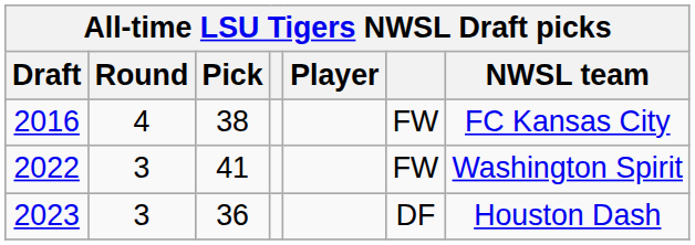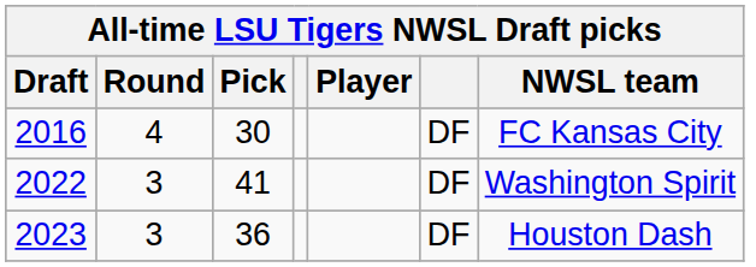 <table class="wikitable sortable" style="text-align: center;">
 <tr>
 <th colspan="7" style="background:#">All-time <a href='#'><span>LSU Tigers</span></a> NWSL Draft picks</th>
 </tr>
 <tr>
 <th scope="col">Draft</th>
 <th scope="col">Round</th>
 <th scope="col">Pick</th>
 <th scope="col"></th>
 <th scope="col">Player</th>
 <th scope="col"></th>
 <th scope="col">NWSL team</th>
 </tr>
 <tr>
 <td><a href='#'>2016</a></td>
 <td>4</td>
-<td>38</td>
+<td>30</td>
 <td></td>
 <td></td>
-<td>FW</td>
+<td>DF</td>
 <td><a href='#'>FC Kansas City</a></td>
 </tr>
 <tr>
 <td><a href='#'>2022</a></td>
 <td>3</td>
 <td>41</td>
 <td></td>
 <td></td>
-<td>FW</td>
+<td>DF</td>
 <td><a href='#'>Washington Spirit</a></td>
 </tr>
 <tr>
 <td><a href='#'>2023</a></td>
 <td>3</td>
 <td>36</td>
 <td></td>
 <td></td>
 <td>DF</td>
 <td><a href='#'>Houston Dash</a></td>
 </tr>
 </table>
